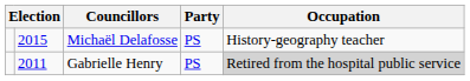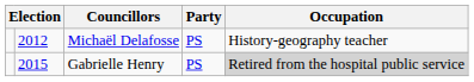 <table class="wikitable">
 <tr>
 <th colspan="2">Election</th>
 <th>Councillors</th>
 <th>Party</th>
 <th>Occupation</th>
 </tr>
 <tr>
 <td style="background-color: "></td>
-<td><a href='#'>2015</a></td>
+<td><a href='#'>2012</a></td>
 <td><a href='#'>Michaël Delafosse</a></td>
 <td><a href='#'>PS</a></td>
 <td>History-geography teacher</td>
 </tr>
 <tr>
 <td style="background-color: "></td>
-<td><a href='#'>2011</a></td>
+<td><a href='#'>2015</a></td>
 <td>Gabrielle Henry</td>
 <td><a href='#'>PS</a></td>
 <td style="background: lightgrey;">Retired from the hospital public service</td>
 </tr>
 </table>
